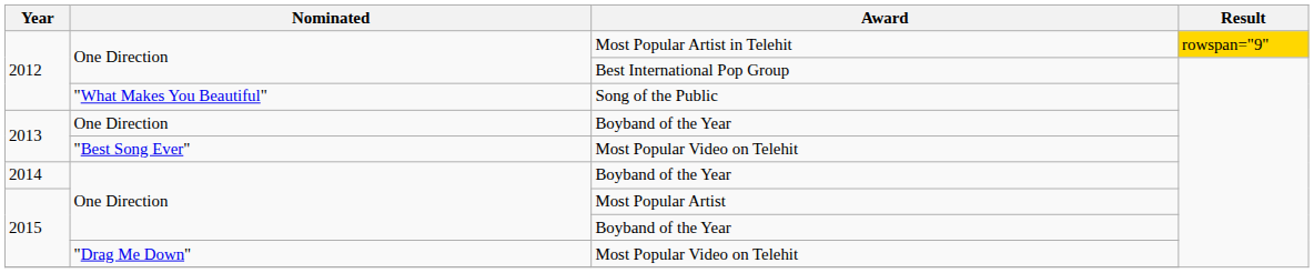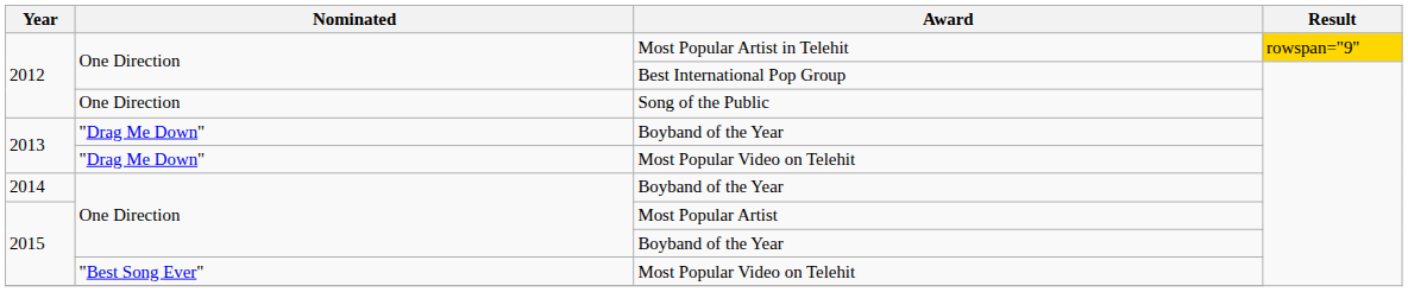 <table class="wikitable" style="width:100%;">
 <tr>
 <th width=5%>Year</th>
 <th style="width:40%;">Nominated</th>
 <th style="width:45%;">Award</th>
 <th style="width:10%;">Result</th>
 </tr>
 <tr>
 <td rowspan="3">2012</td>
 <td rowspan="2">One Direction</td>
 <td>Most Popular Artist in Telehit</td>
 <td style="background: gold;">rowspan="9" </td>
 </tr>
 <tr>
 <td>Best International Pop Group</td>
 </tr>
 <tr>
-<td>"<a href='#'>What Makes You Beautiful</a>"</td>
+<td>One Direction</td>
 <td>Song of the Public</td>
 </tr>
 <tr>
 <td rowspan="2">2013</td>
-<td>One Direction</td>
+<td>"<a href='#'>Drag Me Down</a>"</td>
 <td>Boyband of the Year</td>
 </tr>
 <tr>
-<td>"<a href='#'>Best Song Ever</a>"</td>
+<td>"<a href='#'>Drag Me Down</a>"</td>
 <td>Most Popular Video on Telehit</td>
 </tr>
 <tr>
 <td rowspan="1">2014</td>
 <td rowspan="3">One Direction</td>
 <td>Boyband of the Year</td>
 </tr>
 <tr>
 <td rowspan="3">2015</td>
 <td>Most Popular Artist</td>
 </tr>
 <tr>
 <td>Boyband of the Year</td>
 </tr>
 <tr>
-<td>"<a href='#'>Drag Me Down</a>"</td>
+<td>"<a href='#'>Best Song Ever</a>"</td>
 <td>Most Popular Video on Telehit</td>
 </tr>
 <tr>
 </tr>
 </table>
